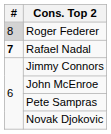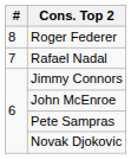 <table class="wikitable" style="display:inline-table;">
 <tr>
 <th width=20>#</th>
 <th>Cons. Top 2</th>
 </tr>
 <tr>
-<td style="background: lightgrey;">8</td>
+<td>8</td>
 <td> Roger Federer</td>
 </tr>
 <tr>
-<td><strong>7</strong></td>
+<td>7</td>
 <td> Rafael Nadal</td>
 </tr>
 <tr>
 <td rowspan="4">6</td>
 <td> Jimmy Connors</td>
 </tr>
 <tr>
 <td> John McEnroe</td>
 </tr>
 <tr>
 <td> Pete Sampras</td>
 </tr>
 <tr>
 <td> Novak Djokovic</td>
 </tr>
 </table>
